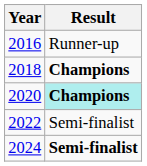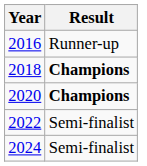 <table class="wikitable">
 <tr>
 <th>Year</th>
 <th>Result</th>
 </tr>
 <tr>
 <td><a href='#'>2016</a></td>
 <td> Runner-up</td>
 </tr>
 <tr>
 <td><a href='#'>2018</a></td>
 <td><strong> Champions</strong></td>
 </tr>
 <tr>
 <td><a href='#'>2020</a></td>
-<td style="background: paleturquoise;"><strong> Champions</strong></td>
+<td><strong> Champions</strong></td>
 </tr>
 <tr>
 <td><a href='#'>2022</a></td>
 <td> Semi-finalist</td>
 </tr>
 <tr>
 <td><a href='#'>2024</a></td>
-<td><strong> Semi-finalist</strong></td>
+<td> Semi-finalist</td>
 </tr>
 </table>
